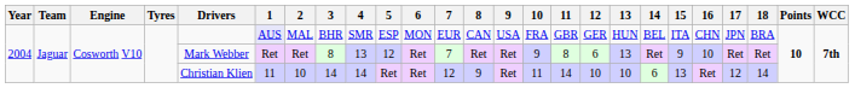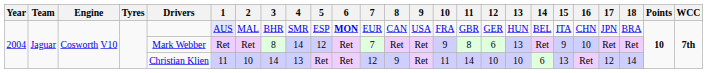 <table class="wikitable" style="text-align:center; font-size:95%">
 <tr>
 <th>Year</th>
 <th>Team</th>
 <th>Engine</th>
 <th>Tyres</th>
 <th>Drivers</th>
 <th>1</th>
 <th>2</th>
 <th>3</th>
 <th>4</th>
 <th>5</th>
 <th>6</th>
 <th>7</th>
 <th>8</th>
 <th>9</th>
 <th>10</th>
 <th>11</th>
 <th>12</th>
 <th>13</th>
 <th>14</th>
 <th>15</th>
 <th>16</th>
 <th>17</th>
 <th>18</th>
 <th>Points</th>
 <th>WCC</th>
 </tr>
 <tr>
 <td rowspan="3"><a href='#'>2004</a></td>
 <td rowspan="3"><a href='#'>Jaguar</a></td>
 <td rowspan="3"><a href='#'>Cosworth</a> <a href='#'>V10</a></td>
 <td rowspan="3"></td>
 <td></td>
 <td style="background: lavender;"><a href='#'>AUS</a></td>
 <td><a href='#'>MAL</a></td>
 <td><a href='#'>BHR</a></td>
 <td><a href='#'>SMR</a></td>
 <td><a href='#'>ESP</a></td>
-<td><a href='#'>MON</a></td>
+<td><strong><a href='#'>MON</a></strong></td>
 <td><a href='#'>EUR</a></td>
 <td><a href='#'>CAN</a></td>
 <td><a href='#'>USA</a></td>
 <td><a href='#'>FRA</a></td>
 <td><a href='#'>GBR</a></td>
 <td><a href='#'>GER</a></td>
 <td><a href='#'>HUN</a></td>
 <td><a href='#'>BEL</a></td>
 <td><a href='#'>ITA</a></td>
 <td><a href='#'>CHN</a></td>
 <td><a href='#'>JPN</a></td>
 <td><a href='#'>BRA</a></td>
 <td rowspan="3"><strong>10</strong></td>
 <td rowspan="3"><strong>7th</strong></td>
 </tr>
 <tr>
 <td> <a href='#'>Mark Webber</a></td>
 <td style="background:#EFCFFF;">Ret</td>
 <td style="background:#EFCFFF;">Ret</td>
 <td style="background:#DFFFDF;">8</td>
-<td style="background:#CFCFFF;">13</td>
+<td style="background:#CFCFFF;">14</td>
 <td style="background:#CFCFFF;">12</td>
 <td style="background:#EFCFFF;">Ret</td>
 <td style="background:#DFFFDF;">7</td>
 <td style="background:#EFCFFF;">Ret</td>
 <td style="background:#EFCFFF;">Ret</td>
 <td style="background:#CFCFFF;">9</td>
 <td style="background:#DFFFDF;">8</td>
 <td style="background:#DFFFDF;">6</td>
 <td style="background:#CFCFFF;">13</td>
 <td style="background:#EFCFFF;">Ret</td>
 <td style="background:#CFCFFF;">9</td>
 <td style="background:#CFCFFF;">10</td>
 <td style="background:#EFCFFF;">Ret</td>
 <td style="background:#EFCFFF;">Ret</td>
 </tr>
 <tr>
 <td> <a href='#'>Christian Klien</a></td>
 <td style="background:#CFCFFF;">11</td>
 <td style="background:#CFCFFF;">10</td>
 <td style="background:#CFCFFF;">14</td>
-<td style="background:#CFCFFF;">14</td>
+<td style="background:#CFCFFF;">13</td>
 <td style="background:#EFCFFF;">Ret</td>
 <td style="background:#EFCFFF;">Ret</td>
 <td style="background:#CFCFFF;">12</td>
 <td style="background:#CFCFFF;">9</td>
 <td style="background:#EFCFFF;">Ret</td>
 <td style="background:#CFCFFF;">11</td>
 <td style="background:#CFCFFF;">14</td>
 <td style="background:#CFCFFF;">10</td>
 <td style="background:#CFCFFF;">10</td>
 <td style="background:#DFFFDF;">6</td>
 <td style="background:#CFCFFF;">13</td>
 <td style="background:#EFCFFF;">Ret</td>
 <td style="background:#CFCFFF;">12</td>
 <td style="background:#CFCFFF;">14</td>
 </tr>
 </table>
